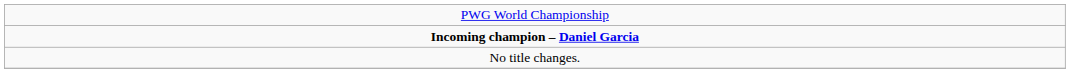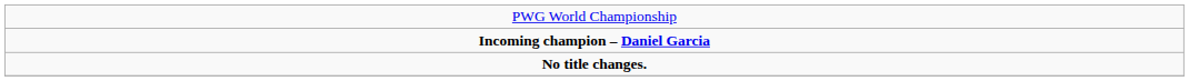 <table class="wikitable" style="text-align:center; width:100%;">
 <tr>
 <td colspan="4" style="text-align: center;"><a href='#'>PWG World Championship</a></td>
 </tr>
 <tr>
 <td colspan="4" style="text-align: center;"><strong>Incoming champion – <a href='#'>Daniel Garcia</a></strong></td>
 </tr>
 <tr>
-<td>No title changes.</td>
+<td><strong>No title changes.</strong></td>
 </tr>
 <tr>
 </tr>
 </table>
